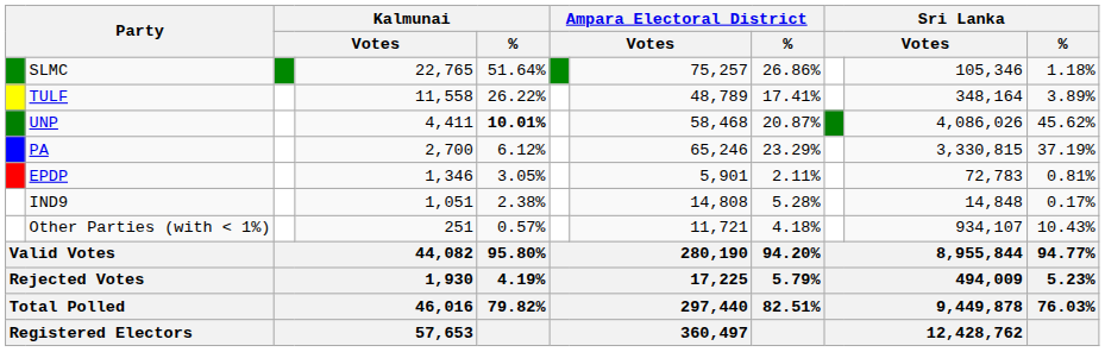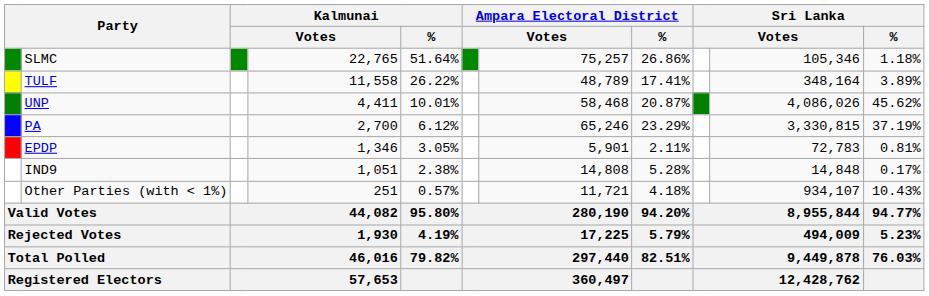 <table class="wikitable">
 <tr>
 <th colspan="2" width="144px"rowspan="2">Party</th>
 <th colspan="3" width="216px">Kalmunai</th>
 <th colspan="3" width="216px"><a href='#'>Ampara Electoral District</a></th>
 <th colspan="3" width="216px">Sri Lanka</th>
 </tr>
 <tr>
 <th colspan="2" width="144px">Votes</th>
 <th>%</th>
 <th colspan="2" width="144px">Votes</th>
 <th>%</th>
 <th colspan="2" width="144px">Votes</th>
 <th>%</th>
 </tr>
 <tr>
 <td style="background-color:#008800;" width="10px"></td>
 <td style="text-align:left;">SLMC</td>
 <td style="background-color:#008800;" width="10px"></td>
 <td style="text-align:right;">22,765</td>
 <td style="text-align:right;">51.64%</td>
 <td style="background-color:#008800;" width="10px"></td>
 <td style="text-align:right;">75,257</td>
 <td style="text-align:right;">26.86%</td>
 <td style="background-color:white;" width="10px"></td>
 <td style="text-align:right;">105,346</td>
 <td style="text-align:right;">1.18%</td>
 </tr>
 <tr>
 <td style="background-color:yellow;" width="10px"></td>
 <td style="text-align:left;"><a href='#'>TULF</a></td>
 <td style="background-color:white;" width="10px"></td>
 <td style="text-align:right;">11,558</td>
 <td style="text-align:right;">26.22%</td>
 <td style="background-color:white;" width="10px"></td>
 <td style="text-align:right;">48,789</td>
 <td style="text-align:right;">17.41%</td>
 <td style="background-color:white;" width="10px"></td>
 <td style="text-align:right;">348,164</td>
 <td style="text-align:right;">3.89%</td>
 </tr>
 <tr>
 <td style="background-color:green;" width="10px"></td>
 <td style="text-align:left;"><a href='#'>UNP</a></td>
 <td style="background-color:white;" width="10px"></td>
 <td style="text-align:right;">4,411</td>
-<td style="text-align:right;"><strong>10.01%</strong></td>
+<td style="text-align:right;">10.01%</td>
 <td style="background-color:white;" width="10px"></td>
 <td style="text-align:right;">58,468</td>
 <td style="text-align:right;">20.87%</td>
 <td style="background-color:green;" width="10px"></td>
 <td style="text-align:right;">4,086,026</td>
 <td style="text-align:right;">45.62%</td>
 </tr>
 <tr>
 <td style="background-color:blue;" width="10px"></td>
 <td style="text-align:left;"><a href='#'>PA</a></td>
 <td style="background-color:white;" width="10px"></td>
 <td style="text-align:right;">2,700</td>
 <td style="text-align:right;">6.12%</td>
 <td style="background-color:white;" width="10px"></td>
 <td style="text-align:right;">65,246</td>
 <td style="text-align:right;">23.29%</td>
 <td style="background-color:white;" width="10px"></td>
 <td style="text-align:right;">3,330,815</td>
 <td style="text-align:right;">37.19%</td>
 </tr>
 <tr>
 <td style="background-color:red;" width="10px"></td>
 <td style="text-align:left;"><a href='#'>EPDP</a></td>
 <td style="background-color:white;" width="10px"></td>
 <td style="text-align:right;">1,346</td>
 <td style="text-align:right;">3.05%</td>
 <td style="background-color:white;" width="10px"></td>
 <td style="text-align:right;">5,901</td>
 <td style="text-align:right;">2.11%</td>
 <td style="background-color:white;" width="10px"></td>
 <td style="text-align:right;">72,783</td>
 <td style="text-align:right;">0.81%</td>
 </tr>
 <tr>
 <td style="background-color:white;" width="10px"></td>
 <td style="text-align:left;">IND9</td>
 <td style="background-color:white;" width="10px"></td>
 <td style="text-align:right;">1,051</td>
 <td style="text-align:right;">2.38%</td>
 <td style="background-color:white;" width="10px"></td>
 <td style="text-align:right;">14,808</td>
 <td style="text-align:right;">5.28%</td>
 <td style="background-color:white;" width="10px"></td>
 <td style="text-align:right;">14,848</td>
 <td style="text-align:right;">0.17%</td>
 </tr>
 <tr>
 <td style="background-color:white;" width="10px"></td>
 <td style="text-align:left;">Other Parties (with < 1%)</td>
 <td style="background-color:white;" width="10px"></td>
 <td style="text-align:right;">251</td>
 <td style="text-align:right;">0.57%</td>
 <td style="background-color:white;" width="10px"></td>
 <td style="text-align:right;">11,721</td>
 <td style="text-align:right;">4.18%</td>
 <td style="background-color:white;" width="10px"></td>
 <td style="text-align:right;">934,107</td>
 <td style="text-align:right;">10.43%</td>
 </tr>
 <tr>
 <th colspan="2" width="144px"style="text-align:left;">Valid Votes</th>
 <th style="text-align:right;"colspan="2" width="144px">44,082</th>
 <th style="text-align:right;">95.80%</th>
 <th style="text-align:right;"colspan="2" width="144px">280,190</th>
 <th style="text-align:right;">94.20%</th>
 <th style="text-align:right;"colspan="2" width="144px">8,955,844</th>
 <th style="text-align:right;">94.77%</th>
 </tr>
 <tr>
 <th colspan="2" width="144px"style="text-align:left;">Rejected Votes</th>
 <th style="text-align:right;"colspan="2" width="144px">1,930</th>
 <th style="text-align:right;">4.19%</th>
 <th style="text-align:right;"colspan="2" width="144px">17,225</th>
 <th style="text-align:right;">5.79%</th>
 <th style="text-align:right;"colspan="2" width="144px">494,009</th>
 <th style="text-align:right;">5.23%</th>
 </tr>
 <tr>
 <th colspan="2" width="144px"style="text-align:left;">Total Polled</th>
 <th style="text-align:right;"colspan="2" width="144px">46,016</th>
 <th style="text-align:right;">79.82%</th>
 <th style="text-align:right;"colspan="2" width="144px">297,440</th>
 <th style="text-align:right;">82.51%</th>
 <th style="text-align:right;"colspan="2" width="144px">9,449,878</th>
 <th style="text-align:right;">76.03%</th>
 </tr>
 <tr>
 <th colspan="2" width="144px"style="text-align:left;">Registered Electors</th>
 <th style="text-align:right;"colspan="2" width="144px">57,653</th>
 <th></th>
 <th style="text-align:right;"colspan="2" width="144px">360,497</th>
 <th></th>
 <th style="text-align:right;"colspan="2" width="144px">12,428,762</th>
 <th></th>
 </tr>
 </table>
